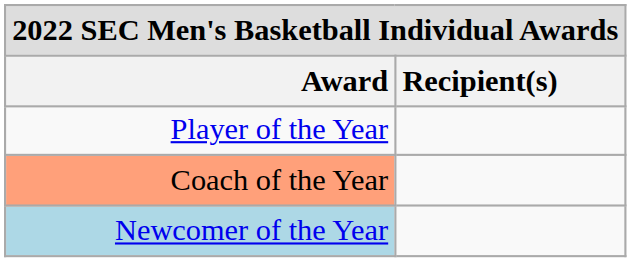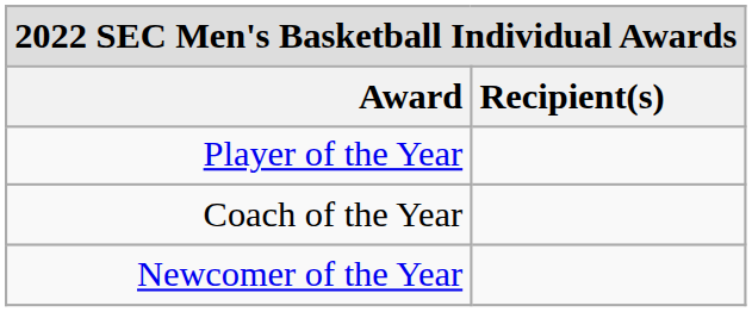 <table class="wikitable" style="white-space:nowrap; font-size:90%;">
 <tr>
 <td colspan="7" style="text-align:center; background:#ddd;"><strong>2022 SEC Men's Basketball Individual Awards</strong></td>
 </tr>
 <tr>
 <th style="text-align:right;">Award</th>
 <th style="text-align:left;">Recipient(s)</th>
 </tr>
 <tr>
 <td style="text-align:right;"><a href='#'>Player of the Year</a></td>
 <td style="text-align:left;"></td>
 </tr>
 <tr>
-<td style="background: lightsalmon; text-align:right;">Coach of the Year</td>
+<td style="text-align:right;">Coach of the Year</td>
 <td style="text-align:left;"></td>
 </tr>
 <tr>
-<td style="background: lightblue; text-align:right;"><a href='#'>Newcomer of the Year</a></td>
+<td style="text-align:right;"><a href='#'>Newcomer of the Year</a></td>
 <td style="text-align:left;"></td>
 </tr>
 </table>
